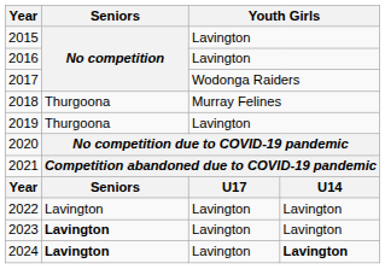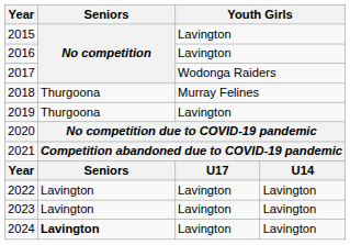 <table class="wikitable">
 <tr>
 <th>Year</th>
 <th>Seniors</th>
 <th colspan="2">Youth Girls</th>
 </tr>
 <tr>
 <td>2015</td>
 <th rowspan="3"><em>No competition</em></th>
 <td colspan="2">Lavington</td>
 </tr>
 <tr>
 <td>2016</td>
 <td colspan="2">Lavington</td>
 </tr>
 <tr>
 <td>2017</td>
 <td colspan="2">Wodonga Raiders</td>
 </tr>
 <tr>
 <td>2018</td>
 <td>Thurgoona</td>
 <td colspan="2">Murray Felines</td>
 </tr>
 <tr>
 <td>2019</td>
 <td>Thurgoona</td>
 <td colspan="2">Lavington</td>
 </tr>
 <tr>
 <td>2020</td>
 <th colspan="3"><em>No competition due to COVID-19 pandemic</em></th>
 </tr>
 <tr>
 <td>2021</td>
 <th colspan="3"><em>Competition abandoned due to COVID-19 pandemic</em></th>
 </tr>
 <tr>
 <th>Year</th>
 <th>Seniors</th>
 <th>U17</th>
 <th>U14</th>
 </tr>
 <tr>
 <td>2022</td>
 <td>Lavington</td>
 <td>Lavington</td>
 <td>Lavington</td>
 </tr>
 <tr>
 <td>2023</td>
-<td><strong>Lavington</strong></td>
+<td>Lavington</td>
 <td>Lavington</td>
 <td>Lavington</td>
 </tr>
 <tr>
 <td>2024</td>
 <td><strong>Lavington</strong></td>
 <td>Lavington</td>
-<td><strong>Lavington</strong></td>
+<td>Lavington</td>
 </tr>
 </table>
